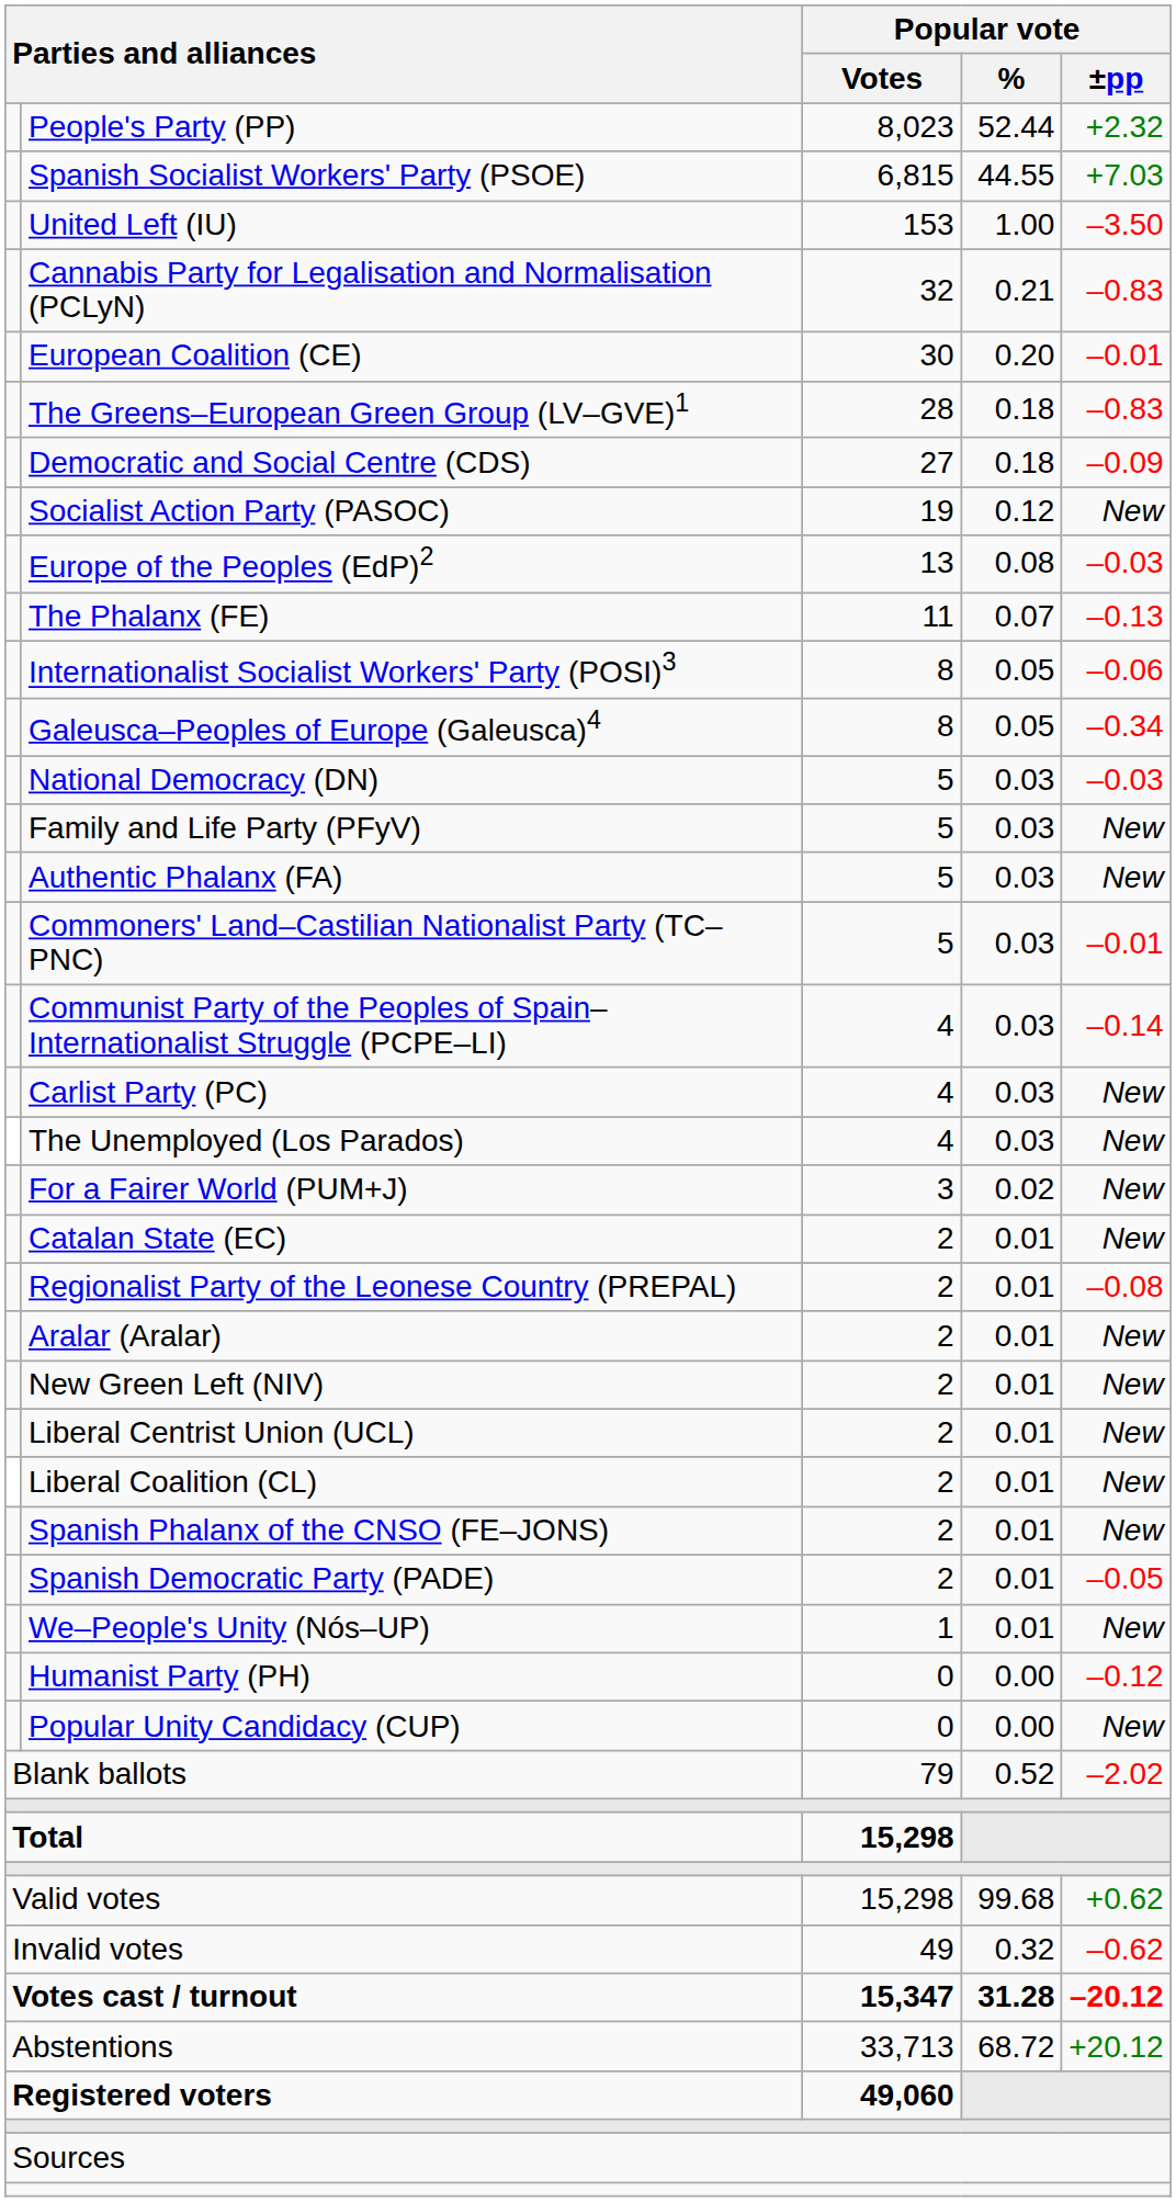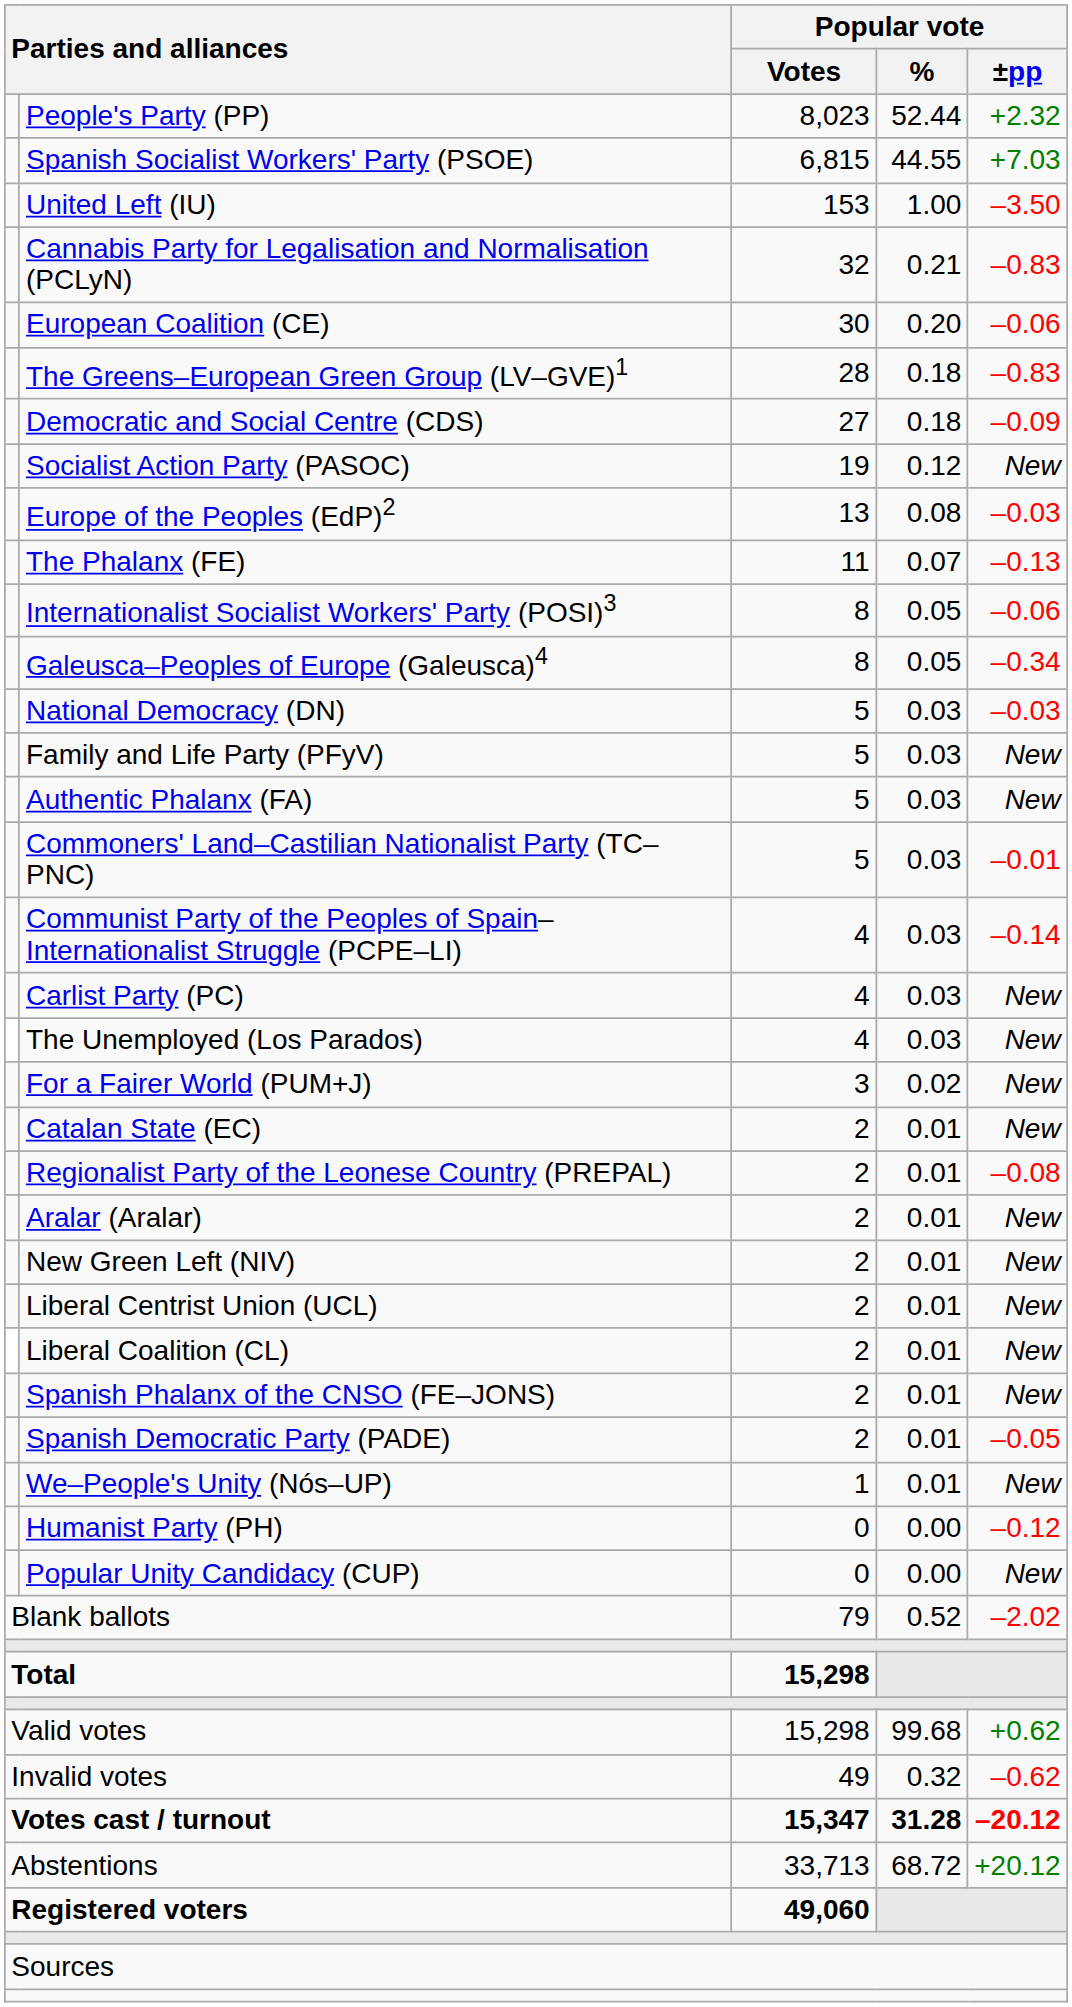 <table class="wikitable" style="text-align:right">
 <tr>
 <th style="text-align:left;" rowspan="2" colspan="2" width="525">Parties and alliances</th>
 <th colspan="3">Popular vote</th>
 </tr>
 <tr>
 <th width="75">Votes</th>
 <th width="45">%</th>
 <th width="45">±<a href='#'>pp</a></th>
 </tr>
 <tr>
 <td width="1" style="color:inherit;background:"></td>
 <td align="left"><a href='#'>People's Party</a> (PP)</td>
 <td>8,023</td>
 <td>52.44</td>
 <td style="color:green;">+2.32</td>
 </tr>
 <tr>
 <td style="color:inherit;background:"></td>
 <td align="left"><a href='#'>Spanish Socialist Workers' Party</a> (PSOE)</td>
 <td>6,815</td>
 <td>44.55</td>
 <td style="color:green;">+7.03</td>
 </tr>
 <tr>
 <td style="color:inherit;background:"></td>
 <td align="left"><a href='#'>United Left</a> (IU)</td>
 <td>153</td>
 <td>1.00</td>
 <td style="color:red;">–3.50</td>
 </tr>
 <tr>
 <td style="color:inherit;background:"></td>
 <td align="left"><a href='#'>Cannabis Party for Legalisation and Normalisation</a> (PCLyN)</td>
 <td>32</td>
 <td>0.21</td>
 <td style="color:red;">–0.83</td>
 </tr>
 <tr>
 <td style="color:inherit;background:"></td>
 <td align="left"><a href='#'>European Coalition</a> (CE)</td>
 <td>30</td>
 <td>0.20</td>
-<td style="color:red;">–0.01</td>
+<td style="color:red;">–0.06</td>
 </tr>
 <tr>
 <td style="color:inherit;background:"></td>
 <td align="left"><a href='#'>The Greens–European Green Group</a> (LV–GVE)<sup>1</sup></td>
 <td>28</td>
 <td>0.18</td>
 <td style="color:red;">–0.83</td>
 </tr>
 <tr>
 <td style="color:inherit;background:"></td>
 <td align="left"><a href='#'>Democratic and Social Centre</a> (CDS)</td>
 <td>27</td>
 <td>0.18</td>
 <td style="color:red;">–0.09</td>
 </tr>
 <tr>
 <td style="color:inherit;background:"></td>
 <td align="left"><a href='#'>Socialist Action Party</a> (PASOC)</td>
 <td>19</td>
 <td>0.12</td>
 <td><em>New</em></td>
 </tr>
 <tr>
 <td style="color:inherit;background:"></td>
 <td align="left"><a href='#'>Europe of the Peoples</a> (EdP)<sup>2</sup></td>
 <td>13</td>
 <td>0.08</td>
 <td style="color:red;">–0.03</td>
 </tr>
 <tr>
 <td style="color:inherit;background:"></td>
 <td align="left"><a href='#'>The Phalanx</a> (FE)</td>
 <td>11</td>
 <td>0.07</td>
 <td style="color:red;">–0.13</td>
 </tr>
 <tr>
 <td style="color:inherit;background:"></td>
 <td align="left"><a href='#'>Internationalist Socialist Workers' Party</a> (POSI)<sup>3</sup></td>
 <td>8</td>
 <td>0.05</td>
 <td style="color:red;">–0.06</td>
 </tr>
 <tr>
 <td style="color:inherit;background:"></td>
 <td align="left"><a href='#'>Galeusca–Peoples of Europe</a> (Galeusca)<sup>4</sup></td>
 <td>8</td>
 <td>0.05</td>
 <td style="color:red;">–0.34</td>
 </tr>
 <tr>
 <td style="color:inherit;background:"></td>
 <td align="left"><a href='#'>National Democracy</a> (DN)</td>
 <td>5</td>
 <td>0.03</td>
 <td style="color:red;">–0.03</td>
 </tr>
 <tr>
 <td style="color:inherit;background:"></td>
 <td align="left">Family and Life Party (PFyV)</td>
 <td>5</td>
 <td>0.03</td>
 <td><em>New</em></td>
 </tr>
 <tr>
 <td style="color:inherit;background:"></td>
 <td align="left"><a href='#'>Authentic Phalanx</a> (FA)</td>
 <td>5</td>
 <td>0.03</td>
 <td><em>New</em></td>
 </tr>
 <tr>
 <td style="color:inherit;background:"></td>
 <td align="left"><a href='#'>Commoners' Land–Castilian Nationalist Party</a> (TC–PNC)</td>
 <td>5</td>
 <td>0.03</td>
 <td style="color:red;">–0.01</td>
 </tr>
 <tr>
 <td style="color:inherit;background:"></td>
 <td align="left"><a href='#'>Communist Party of the Peoples of Spain</a>–<a href='#'>Internationalist Struggle</a> (PCPE–LI)</td>
 <td>4</td>
 <td>0.03</td>
 <td style="color:red;">–0.14</td>
 </tr>
 <tr>
 <td style="color:inherit;background:"></td>
 <td align="left"><a href='#'>Carlist Party</a> (PC)</td>
 <td>4</td>
 <td>0.03</td>
 <td><em>New</em></td>
 </tr>
 <tr>
 <td bgcolor="white"></td>
 <td align="left">The Unemployed (Los Parados)</td>
 <td>4</td>
 <td>0.03</td>
 <td><em>New</em></td>
 </tr>
 <tr>
 <td style="color:inherit;background:"></td>
 <td align="left"><a href='#'>For a Fairer World</a> (PUM+J)</td>
 <td>3</td>
 <td>0.02</td>
 <td><em>New</em></td>
 </tr>
 <tr>
 <td style="color:inherit;background:"></td>
 <td align="left"><a href='#'>Catalan State</a> (EC)</td>
 <td>2</td>
 <td>0.01</td>
 <td><em>New</em></td>
 </tr>
 <tr>
 <td style="color:inherit;background:"></td>
 <td align="left"><a href='#'>Regionalist Party of the Leonese Country</a> (PREPAL)</td>
 <td>2</td>
 <td>0.01</td>
 <td style="color:red;">–0.08</td>
 </tr>
 <tr>
 <td style="color:inherit;background:"></td>
 <td align="left"><a href='#'>Aralar</a> (Aralar)</td>
 <td>2</td>
 <td>0.01</td>
 <td><em>New</em></td>
 </tr>
 <tr>
 <td style="color:inherit;background:"></td>
 <td align="left">New Green Left (NIV)</td>
 <td>2</td>
 <td>0.01</td>
 <td><em>New</em></td>
 </tr>
 <tr>
 <td style="color:inherit;background:"></td>
 <td align="left">Liberal Centrist Union (UCL)</td>
 <td>2</td>
 <td>0.01</td>
 <td><em>New</em></td>
 </tr>
 <tr>
 <td bgcolor="white"></td>
 <td align="left">Liberal Coalition (CL)</td>
 <td>2</td>
 <td>0.01</td>
 <td><em>New</em></td>
 </tr>
 <tr>
 <td style="color:inherit;background:"></td>
 <td align="left"><a href='#'>Spanish Phalanx of the CNSO</a> (FE–JONS)</td>
 <td>2</td>
 <td>0.01</td>
 <td><em>New</em></td>
 </tr>
 <tr>
 <td style="color:inherit;background:"></td>
 <td align="left"><a href='#'>Spanish Democratic Party</a> (PADE)</td>
 <td>2</td>
 <td>0.01</td>
 <td style="color:red;">–0.05</td>
 </tr>
 <tr>
 <td style="color:inherit;background:"></td>
 <td align="left"><a href='#'>We–People's Unity</a> (Nós–UP)</td>
 <td>1</td>
 <td>0.01</td>
 <td><em>New</em></td>
 </tr>
 <tr>
 <td style="color:inherit;background:"></td>
 <td align="left"><a href='#'>Humanist Party</a> (PH)</td>
 <td>0</td>
 <td>0.00</td>
 <td style="color:red;">–0.12</td>
 </tr>
 <tr>
 <td style="color:inherit;background:"></td>
 <td align="left"><a href='#'>Popular Unity Candidacy</a> (CUP)</td>
 <td>0</td>
 <td>0.00</td>
 <td><em>New</em></td>
 </tr>
 <tr>
 <td align="left" colspan="2">Blank ballots</td>
 <td>79</td>
 <td>0.52</td>
 <td style="color:red;">–2.02</td>
 </tr>
 <tr>
 <td colspan="5" bgcolor="#E9E9E9"></td>
 </tr>
 <tr style="font-weight:bold;">
 <td align="left" colspan="2">Total</td>
 <td>15,298</td>
 <td bgcolor="#E9E9E9" colspan="2"></td>
 </tr>
 <tr>
 <td colspan="5" bgcolor="#E9E9E9"></td>
 </tr>
 <tr>
 <td align="left" colspan="2">Valid votes</td>
 <td>15,298</td>
 <td>99.68</td>
 <td style="color:green;">+0.62</td>
 </tr>
 <tr>
 <td align="left" colspan="2">Invalid votes</td>
 <td>49</td>
 <td>0.32</td>
 <td style="color:red;">–0.62</td>
 </tr>
 <tr style="font-weight:bold;">
 <td align="left" colspan="2">Votes cast / turnout</td>
 <td>15,347</td>
 <td>31.28</td>
 <td style="color:red;">–20.12</td>
 </tr>
 <tr>
 <td align="left" colspan="2">Abstentions</td>
 <td>33,713</td>
 <td>68.72</td>
 <td style="color:green;">+20.12</td>
 </tr>
 <tr style="font-weight:bold;">
 <td align="left" colspan="2">Registered voters</td>
 <td>49,060</td>
 <td bgcolor="#E9E9E9" colspan="2"></td>
 </tr>
 <tr>
 <td colspan="5" bgcolor="#E9E9E9"></td>
 </tr>
 <tr>
 <td align="left" colspan="5">Sources</td>
 </tr>
 <tr>
 <td colspan="5" style="text-align:left; max-width:680px;"></td>
 </tr>
 </table>
